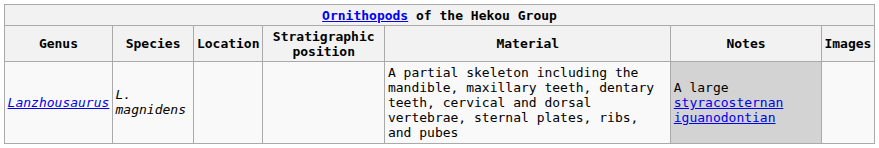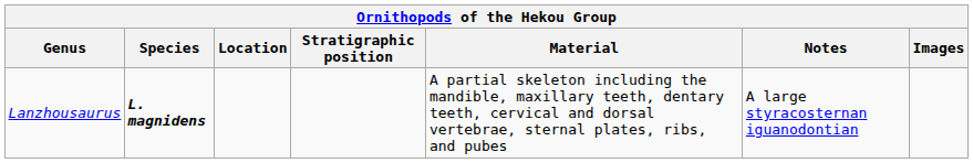 <table class="wikitable" align="center">
 <tr>
 <th colspan="7" align="center"><a href='#'>Ornithopods</a> of the Hekou Group</th>
 </tr>
 <tr>
 <th>Genus</th>
 <th>Species</th>
 <th>Location</th>
 <th>Stratigraphic position</th>
 <th>Material</th>
 <th>Notes</th>
 <th>Images</th>
 </tr>
 <tr>
 <td><em><a href='#'>Lanzhousaurus</a></em></td>
-<td><em>L. magnidens</em></td>
+<td><strong><em>L. magnidens</em></strong></td>
 <td></td>
 <td></td>
 <td>A partial skeleton including the mandible, maxillary teeth, dentary teeth, cervical and dorsal vertebrae, sternal plates, ribs, and pubes</td>
-<td style="background: lightgrey;">A large <a href='#'>styracosternan</a> <a href='#'>iguanodontian</a></td>
+<td>A large <a href='#'>styracosternan</a> <a href='#'>iguanodontian</a></td>
 <td></td>
 </tr>
 <tr>
 </tr>
 </table>
